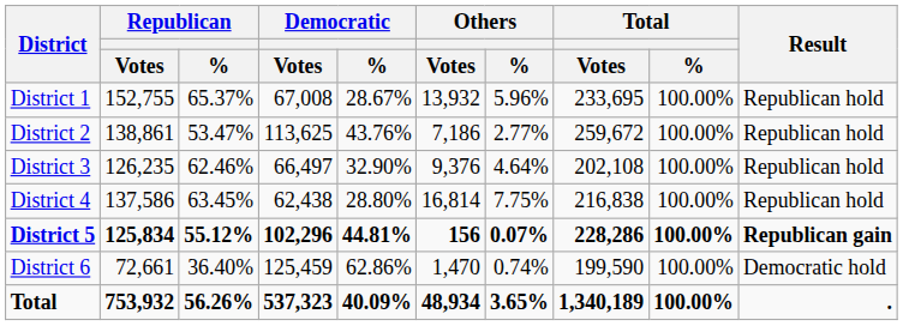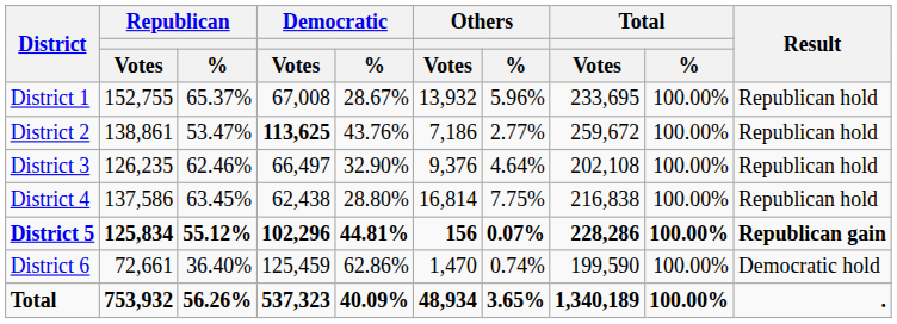 <table class="wikitable plainrowheaders sortable" style="font-size:100%; text-align:right;">
 <tr>
 <th scope=col rowspan=3><a href='#'>District</a></th>
 <th scope=col colspan=2><a href='#'>Republican</a></th>
 <th scope=col colspan=2><a href='#'>Democratic</a></th>
 <th scope=col colspan=2>Others</th>
 <th scope=col colspan=2>Total</th>
 <th scope=col rowspan=3>Result</th>
 </tr>
 <tr>
 <th scope=col colspan=2 style="background:"></th>
 <th scope=col colspan=2 style="background:"></th>
 <th scope=col colspan=2></th>
 <th scope=col colspan=2></th>
 </tr>
 <tr>
 <th scope=col data-sort-type="number">Votes</th>
 <th scope=col data-sort-type="number">%</th>
 <th scope=col data-sort-type="number">Votes</th>
 <th scope=col data-sort-type="number">%</th>
 <th scope=col data-sort-type="number">Votes</th>
 <th scope=col data-sort-type="number">%</th>
 <th scope=col data-sort-type="number">Votes</th>
 <th scope=col data-sort-type="number">%</th>
 </tr>
 <tr>
 <td align=left><a href='#'>District 1</a></td>
 <td>152,755</td>
 <td>65.37%</td>
 <td>67,008</td>
 <td>28.67%</td>
 <td>13,932</td>
 <td>5.96%</td>
 <td>233,695</td>
 <td>100.00%</td>
 <td align=left>Republican hold</td>
 </tr>
 <tr>
 <td align=left><a href='#'>District 2</a></td>
 <td>138,861</td>
 <td>53.47%</td>
-<td>113,625</td>
+<td><strong>113,625</strong></td>
 <td>43.76%</td>
 <td>7,186</td>
 <td>2.77%</td>
 <td>259,672</td>
 <td>100.00%</td>
 <td align=left>Republican hold</td>
 </tr>
 <tr>
 <td align=left><a href='#'>District 3</a></td>
 <td>126,235</td>
 <td>62.46%</td>
 <td>66,497</td>
 <td>32.90%</td>
 <td>9,376</td>
 <td>4.64%</td>
 <td>202,108</td>
 <td>100.00%</td>
 <td align=left>Republican hold</td>
 </tr>
 <tr>
 <td align=left><a href='#'>District 4</a></td>
 <td>137,586</td>
 <td>63.45%</td>
 <td>62,438</td>
 <td>28.80%</td>
 <td>16,814</td>
 <td>7.75%</td>
 <td>216,838</td>
 <td>100.00%</td>
 <td align=left>Republican hold</td>
 </tr>
 <tr>
 <td align=left><strong><a href='#'>District 5</a></strong></td>
 <td><strong>125,834</strong></td>
 <td><strong>55.12%</strong></td>
 <td><strong>102,296</strong></td>
 <td><strong>44.81%</strong></td>
 <td><strong>156</strong></td>
 <td><strong>0.07%</strong></td>
 <td><strong>228,286</strong></td>
 <td><strong>100.00%</strong></td>
 <td align=left><strong>Republican gain</strong></td>
 </tr>
 <tr>
 <td align=left><a href='#'>District 6</a></td>
 <td>72,661</td>
 <td>36.40%</td>
 <td>125,459</td>
 <td>62.86%</td>
 <td>1,470</td>
 <td>0.74%</td>
 <td>199,590</td>
 <td>100.00%</td>
 <td align=left>Democratic hold</td>
 </tr>
 <tr class="sortbottom" style="font-weight:bold">
 <td align=left>Total</td>
 <td>753,932</td>
 <td>56.26%</td>
 <td>537,323</td>
 <td>40.09%</td>
 <td>48,934</td>
 <td>3.65%</td>
 <td>1,340,189</td>
 <td>100.00%</td>
 <td>.</td>
 </tr>
 </table>
